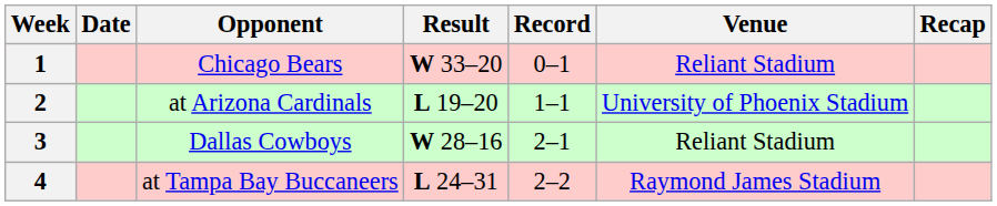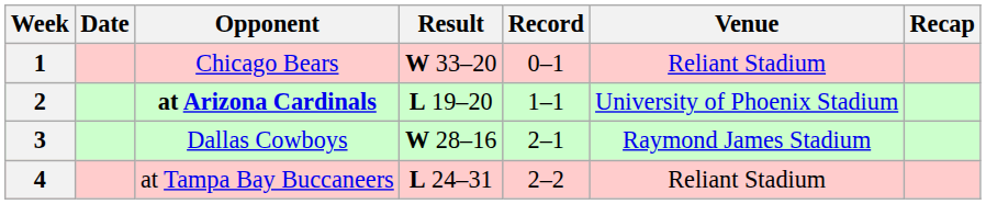 <table class="wikitable" style="text-align:center">
 <tr>
 <th>Week</th>
 <th>Date</th>
 <th>Opponent</th>
 <th>Result</th>
 <th>Record</th>
 <th>Venue</th>
 <th>Recap</th>
 </tr>
 <tr style="background:#fcc">
 <th>1</th>
 <td></td>
 <td><a href='#'>Chicago Bears</a></td>
 <td><strong>W</strong> 33–20</td>
 <td>0–1</td>
 <td><a href='#'>Reliant Stadium</a></td>
 <td></td>
 </tr>
 <tr style="background:#cfc">
 <th>2</th>
 <td></td>
-<td>at <a href='#'>Arizona Cardinals</a></td>
+<td><strong>at <a href='#'>Arizona Cardinals</a></strong></td>
 <td><strong>L</strong> 19–20</td>
 <td>1–1</td>
 <td><a href='#'>University of Phoenix Stadium</a></td>
 <td></td>
 </tr>
 <tr style="background:#cfc">
 <th>3</th>
 <td></td>
 <td><a href='#'>Dallas Cowboys</a></td>
 <td><strong>W</strong> 28–16</td>
 <td>2–1</td>
-<td>Reliant Stadium</td>
+<td><a href='#'>Raymond James Stadium</a></td>
 <td></td>
 </tr>
 <tr style="background:#fcc">
 <th>4</th>
 <td></td>
 <td>at <a href='#'>Tampa Bay Buccaneers</a></td>
 <td><strong>L</strong> 24–31</td>
 <td>2–2</td>
-<td><a href='#'>Raymond James Stadium</a></td>
+<td>Reliant Stadium</td>
 <td></td>
 </tr>
 </table>
